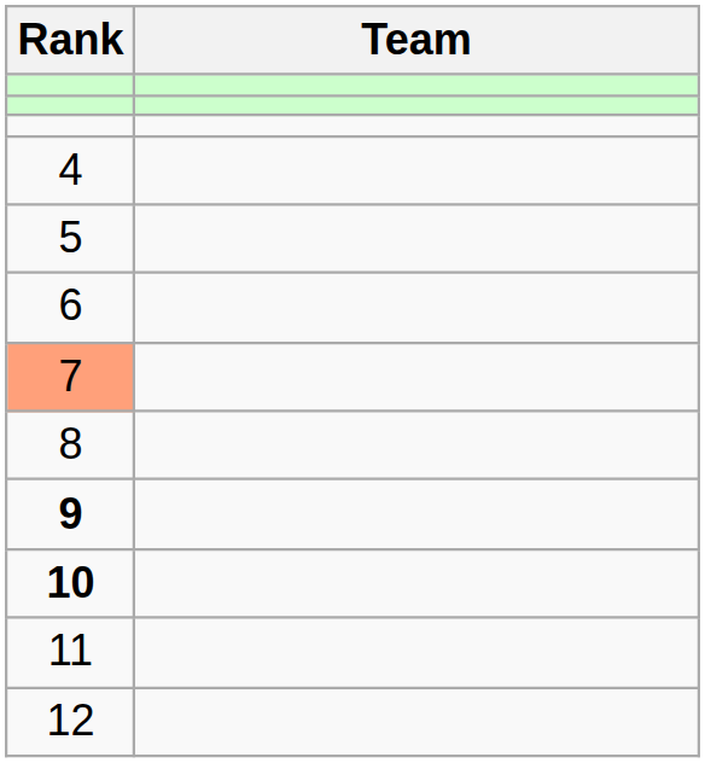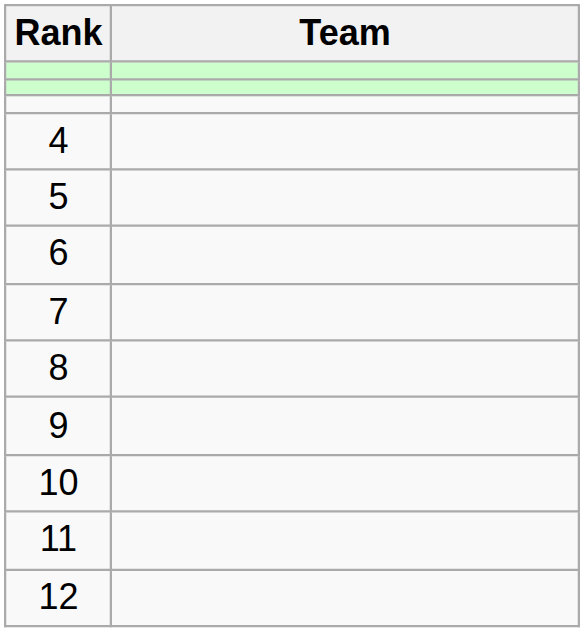 <table class="wikitable" style="text-align: center;">
 <tr>
 <th width=40>Rank</th>
 <th width=200>Team</th>
 </tr>
 <tr bgcolor=#ccffcc>
 <td></td>
 <td style="text-align:left;"></td>
 </tr>
 <tr bgcolor=#ccffcc>
 <td></td>
 <td style="text-align:left;"></td>
 </tr>
 <tr>
 <td></td>
 <td style="text-align:left;"></td>
 </tr>
 <tr>
 <td>4</td>
 <td style="text-align:left;"></td>
 </tr>
 <tr>
 <td>5</td>
 <td style="text-align:left;"></td>
 </tr>
 <tr>
 <td>6</td>
 <td style="text-align:left;"></td>
 </tr>
 <tr>
-<td style="background: lightsalmon;">7</td>
+<td>7</td>
 <td style="text-align:left;"></td>
 </tr>
 <tr>
 <td>8</td>
 <td style="text-align:left;"></td>
 </tr>
 <tr>
-<td><strong>9</strong></td>
+<td>9</td>
 <td style="text-align:left;"></td>
 </tr>
 <tr>
-<td><strong>10</strong></td>
+<td>10</td>
 <td style="text-align:left;"></td>
 </tr>
 <tr>
 <td>11</td>
 <td style="text-align:left;"></td>
 </tr>
 <tr>
 <td>12</td>
 <td style="text-align:left;"></td>
 </tr>
 </table>
